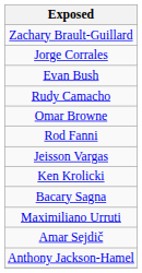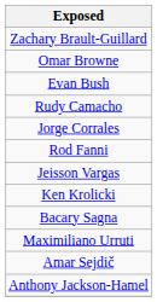 <table class="wikitable" style="text-align:center">
 <tr>
 <th>Exposed</th>
 </tr>
 <tr>
 <td><a href='#'>Zachary Brault-Guillard</a></td>
 </tr>
 <tr>
-<td><a href='#'>Jorge Corrales</a></td>
+<td><a href='#'>Omar Browne</a></td>
 </tr>
 <tr>
 <td><a href='#'>Evan Bush</a></td>
 </tr>
 <tr>
 <td><a href='#'>Rudy Camacho</a></td>
 </tr>
 <tr>
-<td><a href='#'>Omar Browne</a></td>
+<td><a href='#'>Jorge Corrales</a></td>
 </tr>
 <tr>
 <td><a href='#'>Rod Fanni</a></td>
 </tr>
 <tr>
 <td><a href='#'>Jeisson Vargas</a></td>
 </tr>
 <tr>
 <td><a href='#'>Ken Krolicki</a></td>
 </tr>
 <tr>
 <td><a href='#'>Bacary Sagna</a></td>
 </tr>
 <tr>
 <td><a href='#'>Maximiliano Urruti</a></td>
 </tr>
 <tr>
 <td><a href='#'>Amar Sejdič</a></td>
 </tr>
 <tr>
 <td><a href='#'>Anthony Jackson-Hamel</a></td>
 </tr>
 <tr>
 </tr>
 </table>
